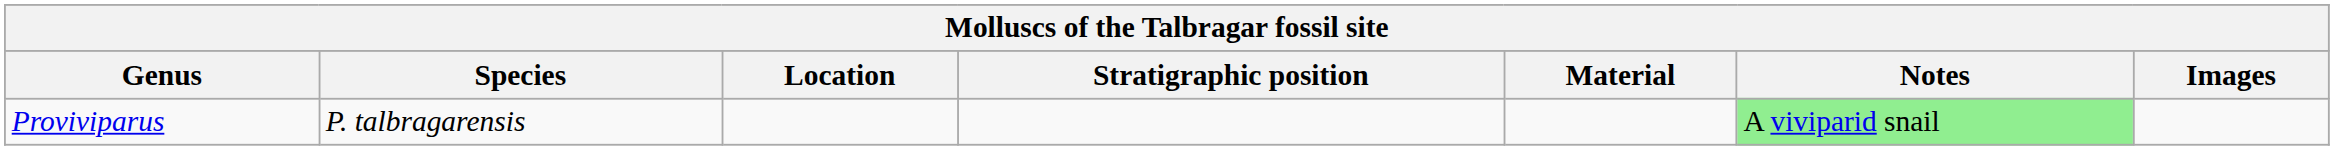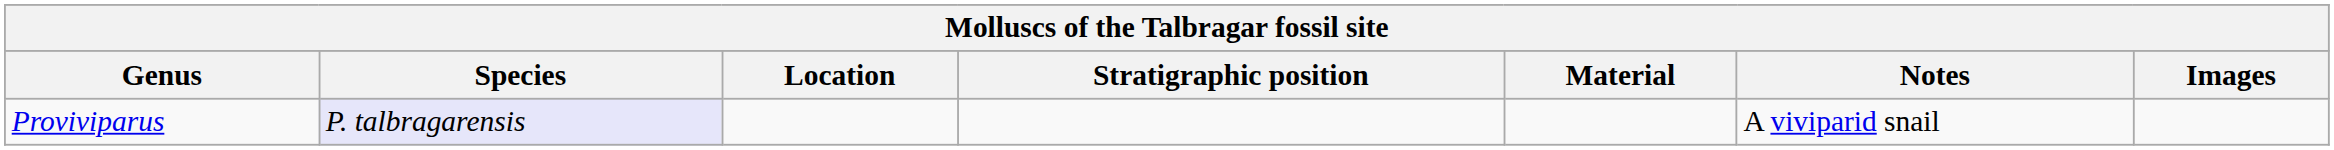 <table class="wikitable" align="center" width="100%">
 <tr>
 <th colspan="7" align="center">Molluscs of the Talbragar fossil site</th>
 </tr>
 <tr>
 <th>Genus</th>
 <th>Species</th>
 <th>Location</th>
 <th>Stratigraphic position</th>
 <th>Material</th>
 <th>Notes</th>
 <th>Images</th>
 </tr>
 <tr>
 <td><em><a href='#'>Proviviparus</a></em></td>
-<td><em>P. talbragarensis</em></td>
+<td style="background: lavender;"><em>P. talbragarensis</em></td>
 <td></td>
 <td></td>
 <td></td>
-<td style="background: lightgreen;">A <a href='#'>viviparid</a> snail</td>
+<td>A <a href='#'>viviparid</a> snail</td>
 <td></td>
 </tr>
 </table>
